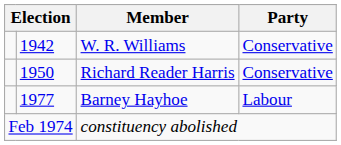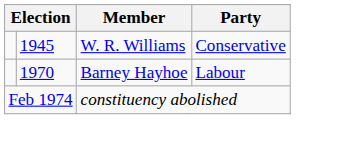 <table class="wikitable">
 <tr>
 <th colspan="2">Election</th>
 <th>Member</th>
 <th>Party</th>
 </tr>
 <tr>
 <td style="color:inherit;background-color: "></td>
-<td><a href='#'>1942</a></td>
+<td><a href='#'>1945</a></td>
 <td><a href='#'>W. R. Williams</a></td>
 <td><a href='#'>Conservative</a></td>
 </tr>
 <tr>
 <td style="color:inherit;background-color: "></td>
-<td><a href='#'>1950</a></td>
-<td><a href='#'>Richard Reader Harris</a></td>
-<td><a href='#'>Conservative</a></td>
-</tr>
-<tr>
-<td style="color:inherit;background-color: "></td>
-<td><a href='#'>1977</a></td>
+<td><a href='#'>1970</a></td>
 <td><a href='#'>Barney Hayhoe</a></td>
 <td><a href='#'>Labour</a></td>
 </tr>
 <tr>
 <td colspan="2" align="right"><a href='#'>Feb 1974</a></td>
 <td colspan="2"><em>constituency abolished</em></td>
 </tr>
 </table>
